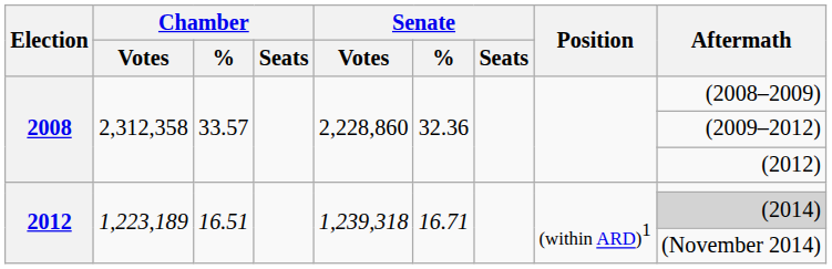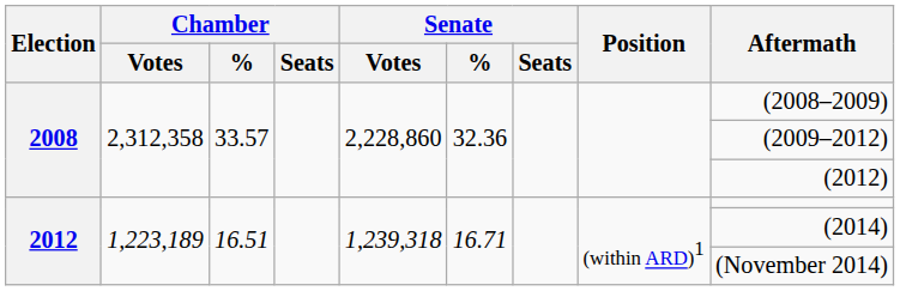 <table class="wikitable" style="text-align: right;">
 <tr>
 <th rowspan="2">Election</th>
 <th colspan="3"><a href='#'>Chamber</a></th>
 <th colspan="3"><a href='#'>Senate</a></th>
 <th rowspan="2">Position</th>
 <th rowspan="2">Aftermath</th>
 </tr>
 <tr>
 <th>Votes</th>
 <th>%</th>
 <th>Seats</th>
 <th>Votes</th>
 <th>%</th>
 <th>Seats</th>
 </tr>
 <tr>
 <th rowspan=3><a href='#'>2008</a></th>
 <td rowspan=3>2,312,358</td>
 <td rowspan=3>33.57</td>
 <td rowspan=3></td>
 <td rowspan=3>2,228,860</td>
 <td rowspan=3>32.36</td>
 <td rowspan=3></td>
 <td rowspan=3; style="text-align: center;"></td>
 <td> (2008–2009)</td>
 </tr>
 <tr>
 <td> (2009–2012)</td>
 </tr>
 <tr>
 <td> (2012)</td>
 </tr>
 <tr>
 <th rowspan=3><a href='#'>2012</a></th>
 <td rowspan=3><em>1,223,189</em></td>
 <td rowspan=3><em>16.51</em></td>
 <td rowspan=3></td>
 <td rowspan=3><em>1,239,318</em></td>
 <td rowspan=3><em>16.71</em></td>
 <td rowspan=3></td>
 <td rowspan=3; style="text-align: center;"><br><small>(within <a href='#'>ARD</a>)</small><sup>1</sup></td>
 <td></td>
 </tr>
 <tr>
-<td style="background: lightgrey;"> (2014)</td>
+<td> (2014)</td>
 </tr>
 <tr>
 <td> (November 2014)</td>
 </tr>
 </table>
